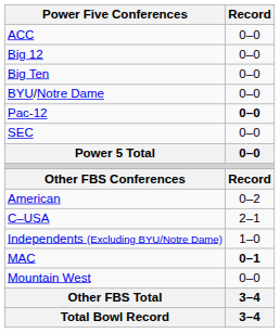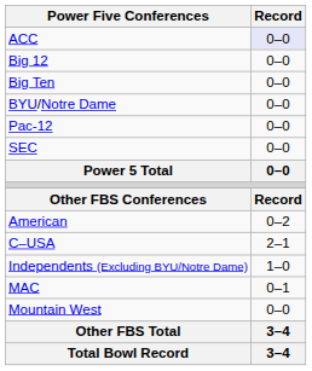 <table class="wikitable">
 <tr>
 <th>Power Five Conferences</th>
 <th>Record</th>
 </tr>
 <tr>
 <td><a href='#'>ACC</a></td>
-<td align=center>0–0</td>
+<td align=center style="background: lavender;">0–0</td>
 </tr>
 <tr>
 <td><a href='#'>Big 12</a></td>
 <td align=center>0–0</td>
 </tr>
 <tr>
 <td><a href='#'>Big Ten</a></td>
 <td align=center>0–0</td>
 </tr>
 <tr>
 <td><a href='#'>BYU</a>/<a href='#'>Notre Dame</a></td>
 <td align=center>0–0</td>
 </tr>
 <tr>
 <td><a href='#'>Pac-12</a></td>
-<td align=center><strong>0–0</strong></td>
+<td align=center>0–0</td>
 </tr>
 <tr>
 <td><a href='#'>SEC</a></td>
 <td align=center>0–0</td>
 </tr>
 <tr>
 <th>Power 5 Total</th>
 <th>0–0</th>
 </tr>
 <tr>
 <th colspan="2" style="background:lightgrey;"></th>
 </tr>
 <tr>
 <th>Other FBS Conferences</th>
 <th>Record</th>
 </tr>
 <tr>
 <td><a href='#'>American</a></td>
 <td align=center>0–2</td>
 </tr>
 <tr>
 <td><a href='#'>C–USA</a></td>
 <td align=center>2–1</td>
 </tr>
 <tr>
 <td><a href='#'>Independents <small>(Excluding BYU/Notre Dame)</small></a></td>
 <td align=center>1–0</td>
 </tr>
 <tr>
 <td><a href='#'>MAC</a></td>
-<td align=center><strong>0–1</strong></td>
+<td align=center>0–1</td>
 </tr>
 <tr>
 <td><a href='#'>Mountain West</a></td>
 <td align=center>0–0</td>
 </tr>
 <tr>
 <th>Other FBS Total</th>
 <th>3–4</th>
 </tr>
 <tr>
 <th>Total Bowl Record</th>
 <th>3–4</th>
 </tr>
 </table>
